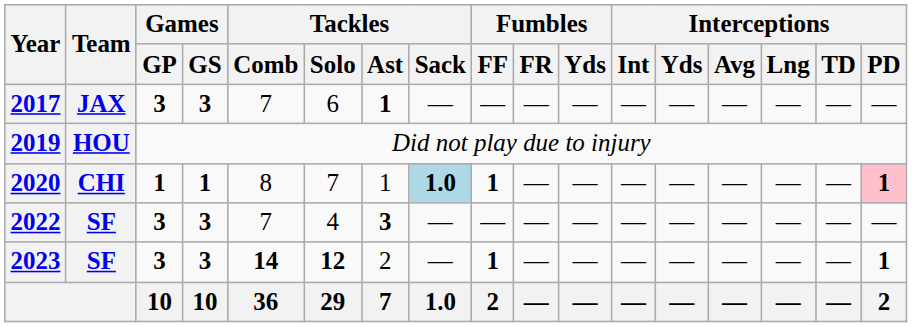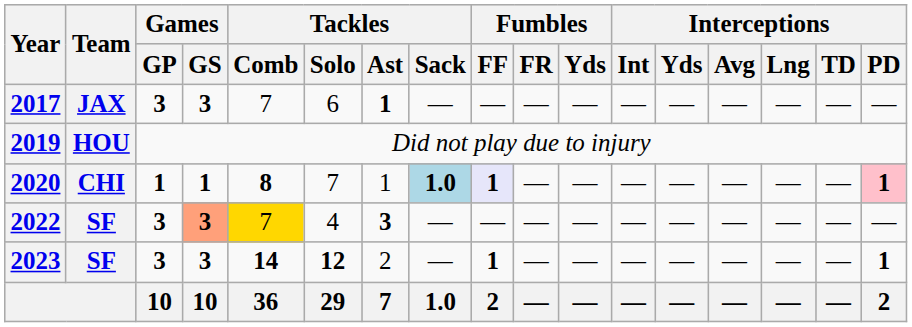 <table class=wikitable style="text-align:center;">
 <tr>
 <th rowspan="2">Year</th>
 <th rowspan="2">Team</th>
 <th colspan="2">Games</th>
 <th colspan="4">Tackles</th>
 <th colspan="3">Fumbles</th>
 <th colspan="6">Interceptions</th>
 </tr>
 <tr>
 <th>GP</th>
 <th>GS</th>
 <th>Comb</th>
 <th>Solo</th>
 <th>Ast</th>
 <th>Sack</th>
 <th>FF</th>
 <th>FR</th>
 <th>Yds</th>
 <th>Int</th>
 <th>Yds</th>
 <th>Avg</th>
 <th>Lng</th>
 <th>TD</th>
 <th>PD</th>
 </tr>
 <tr>
 <th><a href='#'>2017</a></th>
 <th><a href='#'>JAX</a></th>
 <td><strong>3</strong></td>
 <td><strong>3</strong></td>
 <td>7</td>
 <td>6</td>
 <td><strong>1</strong></td>
 <td>—</td>
 <td>—</td>
 <td>—</td>
 <td>—</td>
 <td>—</td>
 <td>—</td>
 <td>—</td>
 <td>—</td>
 <td>—</td>
 <td>—</td>
 </tr>
 <tr>
 <th><a href='#'>2019</a></th>
 <th><a href='#'>HOU</a></th>
 <td colspan="19"><em>Did not play due to injury</em></td>
 </tr>
 <tr>
 <th><a href='#'>2020</a></th>
 <th><a href='#'>CHI</a></th>
 <td><strong>1</strong></td>
 <td><strong>1</strong></td>
-<td>8</td>
+<td><strong>8</strong></td>
 <td>7</td>
 <td>1</td>
 <td style="background: lightblue;"><strong>1.0</strong></td>
-<td><strong>1</strong></td>
+<td style="background: lavender;"><strong>1</strong></td>
 <td>—</td>
 <td>—</td>
 <td>—</td>
 <td>—</td>
 <td>—</td>
 <td>—</td>
 <td>—</td>
 <td style="background: pink;"><strong>1</strong></td>
 </tr>
 <tr>
 <th><a href='#'>2022</a></th>
 <th><a href='#'>SF</a></th>
 <td><strong>3</strong></td>
-<td><strong>3</strong></td>
-<td>7</td>
+<td style="background: lightsalmon;"><strong>3</strong></td>
+<td style="background: gold;">7</td>
 <td>4</td>
 <td><strong>3</strong></td>
 <td>—</td>
 <td>—</td>
 <td>—</td>
 <td>—</td>
 <td>—</td>
 <td>—</td>
 <td>—</td>
 <td>—</td>
 <td>—</td>
 <td>—</td>
 </tr>
 <tr>
 <th><a href='#'>2023</a></th>
 <th><a href='#'>SF</a></th>
 <td><strong>3</strong></td>
 <td><strong>3</strong></td>
 <td><strong>14</strong></td>
 <td><strong>12</strong></td>
 <td>2</td>
 <td>—</td>
 <td><strong>1</strong></td>
 <td>—</td>
 <td>—</td>
 <td>—</td>
 <td>—</td>
 <td>—</td>
 <td>—</td>
 <td>—</td>
 <td><strong>1</strong></td>
 </tr>
 <tr>
 <th colspan="2"></th>
 <th>10</th>
 <th>10</th>
 <th>36</th>
 <th>29</th>
 <th>7</th>
 <th>1.0</th>
 <th>2</th>
 <th>—</th>
 <th>—</th>
 <th>—</th>
 <th>—</th>
 <th>—</th>
 <th>—</th>
 <th>—</th>
 <th>2</th>
 </tr>
 </table>
